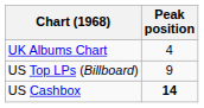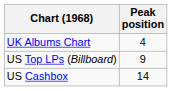 <table class="wikitable">
 <tr>
 <th>Chart (1968)</th>
 <th>Peak<br>position</th>
 </tr>
 <tr>
 <td><a href='#'>UK Albums Chart</a></td>
 <td align="center">4</td>
 </tr>
 <tr>
 <td>US <a href='#'>Top LPs</a> (<em>Billboard</em>)</td>
 <td align="center">9</td>
 </tr>
 <tr>
 <td>US <a href='#'>Cashbox</a></td>
-<td align="center"><strong>14</strong></td>
+<td align="center">14</td>
 </tr>
 </table>
